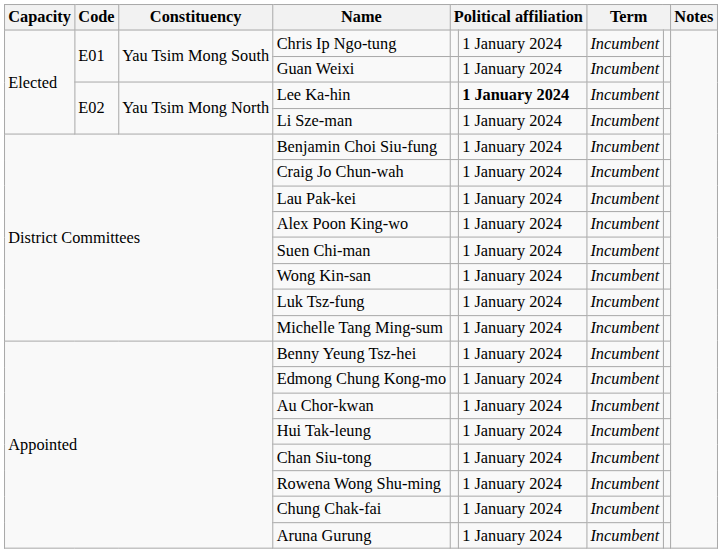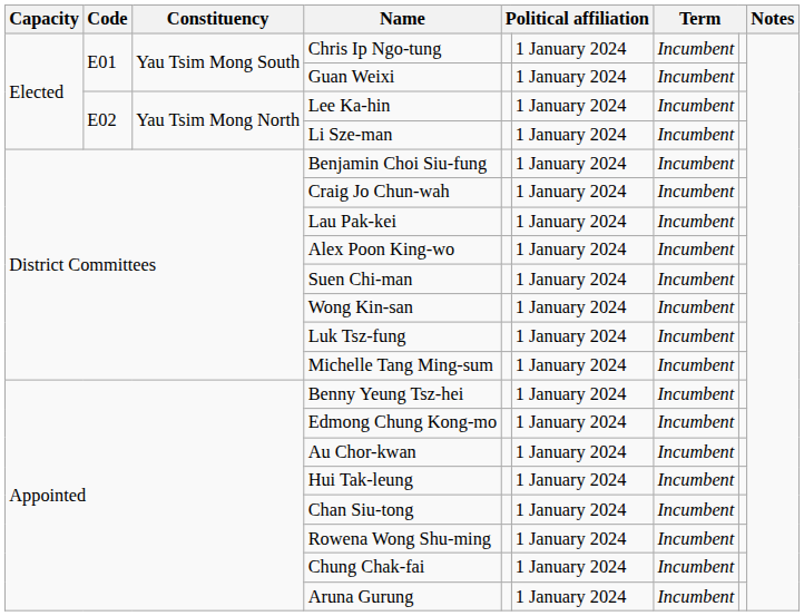 <table class="wikitable sortable" border=1>
 <tr>
 <th>Capacity</th>
 <th>Code</th>
 <th>Constituency</th>
 <th>Name</th>
 <th colspan=2>Political affiliation</th>
 <th colspan="2">Term</th>
 <th class="unsortable">Notes</th>
 </tr>
 <tr>
 <td rowspan="4">Elected</td>
 <td rowspan="2">E01</td>
 <td rowspan="2">Yau Tsim Mong South</td>
 <td>Chris Ip Ngo-tung</td>
 <td></td>
 <td>1 January 2024</td>
 <td><em>Incumbent</em></td>
 <td></td>
 </tr>
 <tr>
 <td>Guan Weixi</td>
 <td></td>
 <td>1 January 2024</td>
 <td><em>Incumbent</em></td>
 <td></td>
 </tr>
 <tr>
 <td rowspan="2">E02</td>
 <td rowspan="2">Yau Tsim Mong North</td>
 <td>Lee Ka-hin</td>
 <td></td>
-<td><strong>1 January 2024</strong></td>
+<td>1 January 2024</td>
 <td><em>Incumbent</em></td>
 <td></td>
 </tr>
 <tr>
 <td>Li Sze-man</td>
 <td></td>
 <td>1 January 2024</td>
 <td><em>Incumbent</em></td>
 <td></td>
 </tr>
 <tr>
 <td colspan="3" rowspan="8">District Committees</td>
 <td>Benjamin Choi Siu-fung</td>
 <td></td>
 <td>1 January 2024</td>
 <td><em>Incumbent</em></td>
 <td></td>
 </tr>
 <tr>
 <td>Craig Jo Chun-wah</td>
 <td></td>
 <td>1 January 2024</td>
 <td><em>Incumbent</em></td>
 <td></td>
 </tr>
 <tr>
 <td>Lau Pak-kei</td>
 <td></td>
 <td>1 January 2024</td>
 <td><em>Incumbent</em></td>
 <td></td>
 </tr>
 <tr>
 <td>Alex Poon King-wo</td>
 <td></td>
 <td>1 January 2024</td>
 <td><em>Incumbent</em></td>
 <td></td>
 </tr>
 <tr>
 <td>Suen Chi-man</td>
 <td></td>
 <td>1 January 2024</td>
 <td><em>Incumbent</em></td>
 <td></td>
 </tr>
 <tr>
 <td>Wong Kin-san</td>
 <td></td>
 <td>1 January 2024</td>
 <td><em>Incumbent</em></td>
 <td></td>
 </tr>
 <tr>
 <td>Luk Tsz-fung</td>
 <td></td>
 <td>1 January 2024</td>
 <td><em>Incumbent</em></td>
 <td></td>
 </tr>
 <tr>
 <td>Michelle Tang Ming-sum</td>
 <td></td>
 <td>1 January 2024</td>
 <td><em>Incumbent</em></td>
 <td></td>
 </tr>
 <tr>
 <td colspan="3" rowspan="8">Appointed</td>
 <td>Benny Yeung Tsz-hei</td>
 <td></td>
 <td>1 January 2024</td>
 <td><em>Incumbent</em></td>
 <td></td>
 </tr>
 <tr>
 <td>Edmong Chung Kong-mo</td>
 <td></td>
 <td>1 January 2024</td>
 <td><em>Incumbent</em></td>
 <td></td>
 </tr>
 <tr>
 <td>Au Chor-kwan</td>
 <td></td>
 <td>1 January 2024</td>
 <td><em>Incumbent</em></td>
 <td></td>
 </tr>
 <tr>
 <td>Hui Tak-leung</td>
 <td></td>
 <td>1 January 2024</td>
 <td><em>Incumbent</em></td>
 <td></td>
 </tr>
 <tr>
 <td>Chan Siu-tong</td>
 <td></td>
 <td>1 January 2024</td>
 <td><em>Incumbent</em></td>
 <td></td>
 </tr>
 <tr>
 <td>Rowena Wong Shu-ming</td>
 <td></td>
 <td>1 January 2024</td>
 <td><em>Incumbent</em></td>
 <td></td>
 </tr>
 <tr>
 <td>Chung Chak-fai</td>
 <td></td>
 <td>1 January 2024</td>
 <td><em>Incumbent</em></td>
 <td></td>
 </tr>
 <tr>
 <td>Aruna Gurung</td>
 <td></td>
 <td>1 January 2024</td>
 <td><em>Incumbent</em></td>
 <td></td>
 </tr>
 </table>
